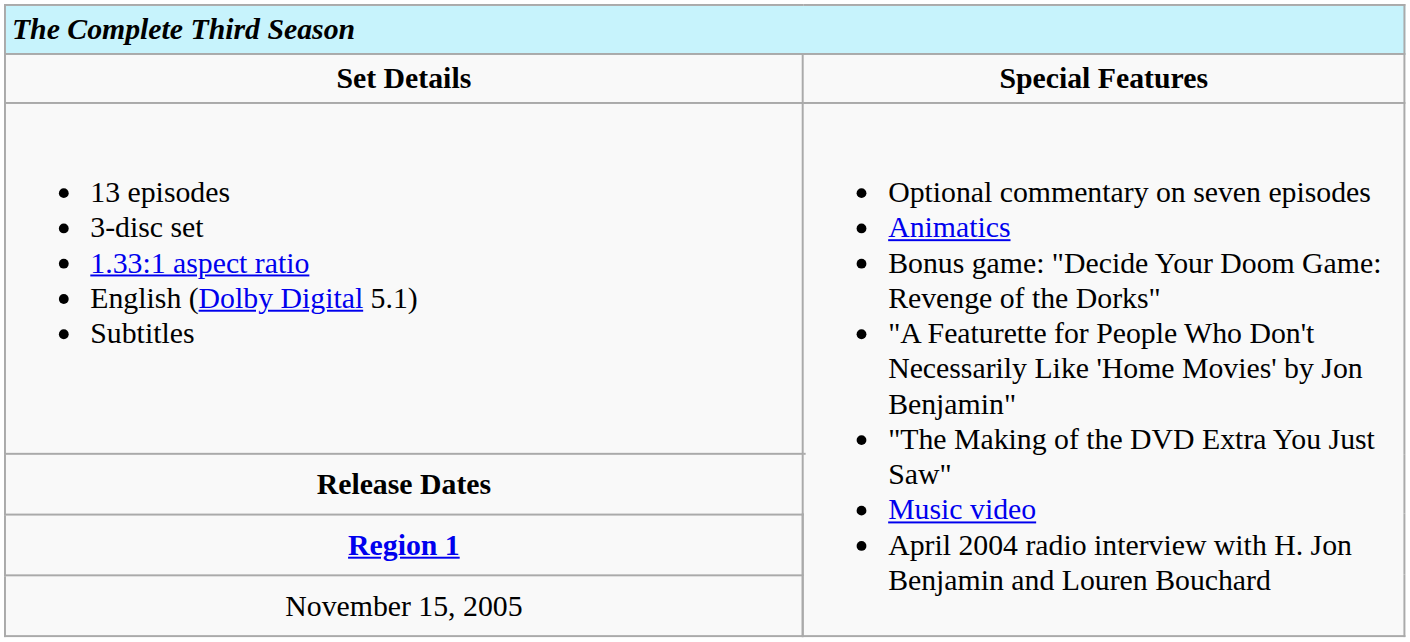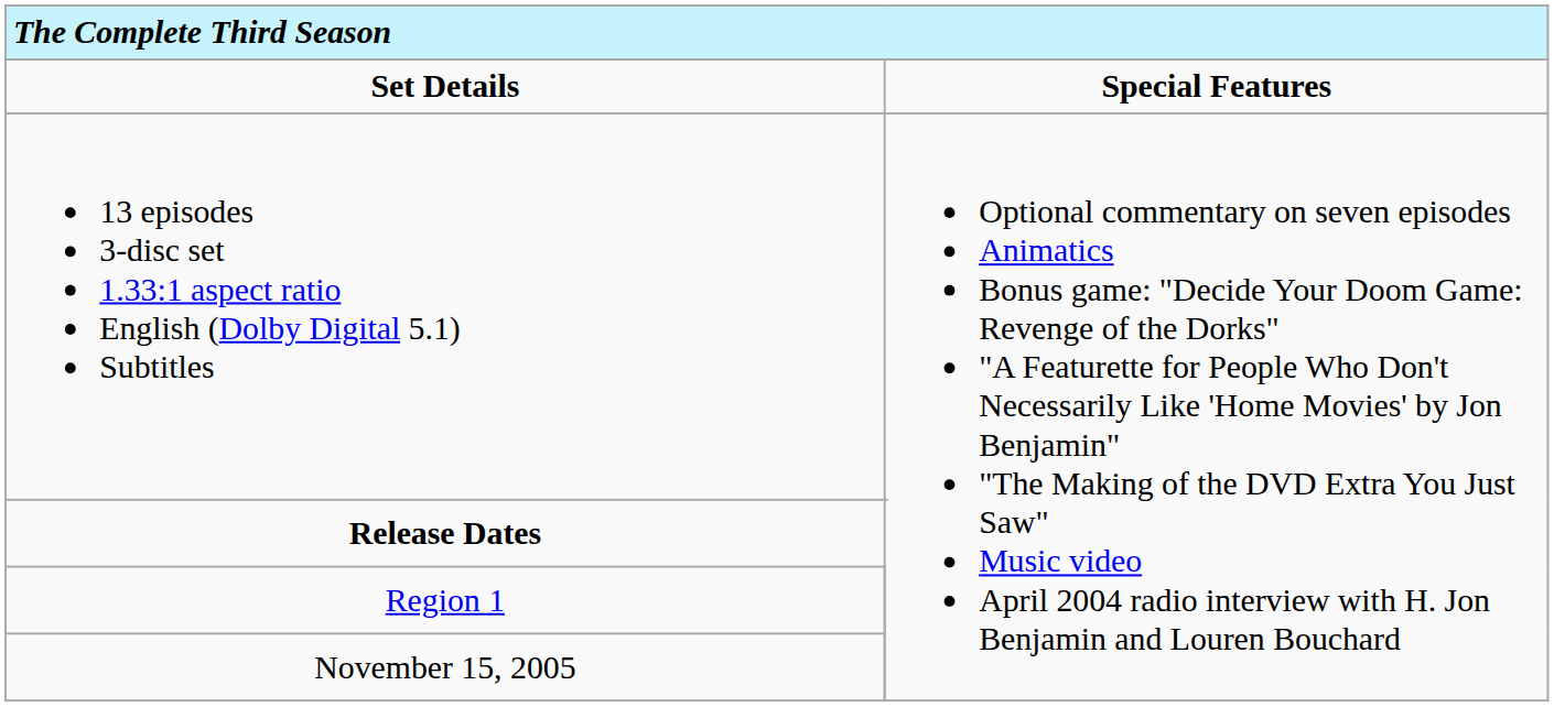 <table class="wikitable" style="font-size: 95%;">
 <tr style="background:#c7f3fc">
 <td colspan="5"><strong><em>The Complete Third Season</em></strong></td>
 </tr>
 <tr valign="top">
 <td align="center" width="400" colspan="3"><strong>Set Details</strong></td>
 <td width="300" align="center"><strong>Special Features</strong></td>
 </tr>
 <tr valign="top">
 <td colspan="3" align="left" width="400"><br><ul><li>13 episodes</li><li>3-disc set</li><li><a href='#'>1.33:1 aspect ratio</a></li><li>English (<a href='#'>Dolby Digital</a> 5.1)</li><li>Subtitles</li></ul></td>
 <td rowspan="4" align="left" width="300"><br><ul><li>Optional commentary on seven episodes</li><li><a href='#'>Animatics</a></li><li>Bonus game: "Decide Your Doom Game: Revenge of the Dorks"</li><li>"A Featurette for People Who Don't Necessarily Like 'Home Movies' by Jon Benjamin"</li><li>"The Making of the DVD Extra You Just Saw"</li><li><a href='#'>Music video</a></li><li>April 2004 radio interview with H. Jon Benjamin and Louren Bouchard</li></ul></td>
 </tr>
 <tr>
 <td colspan="3" align="center"><strong>Release Dates</strong></td>
 </tr>
 <tr>
-<td align="center"><strong><a href='#'>Region 1</a></strong></td>
+<td align="center"><a href='#'>Region 1</a></td>
 </tr>
 <tr>
 <td align="center">November 15, 2005</td>
 </tr>
 </table>
